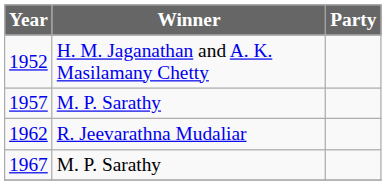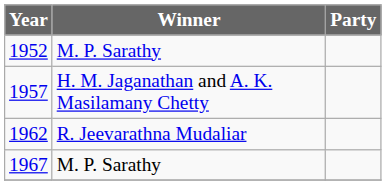 <table class="wikitable" width="50%">
 <tr>
 <th style="background-color:#666666; color:white">Year</th>
 <th style="background-color:#666666; color:white">Winner</th>
 <th style="background-color:#666666; color:white" colspan="2">Party</th>
 </tr>
 <tr>
 <td><a href='#'>1952</a></td>
-<td><a href='#'>H. M. Jaganathan</a> and <a href='#'>A. K. Masilamany Chetty</a></td>
+<td><a href='#'>M. P. Sarathy</a></td>
 <td></td>
 </tr>
 <tr>
 <td><a href='#'>1957</a></td>
-<td><a href='#'>M. P. Sarathy</a></td>
+<td><a href='#'>H. M. Jaganathan</a> and <a href='#'>A. K. Masilamany Chetty</a></td>
 <td></td>
 </tr>
 <tr>
 <td><a href='#'>1962</a></td>
 <td><a href='#'>R. Jeevarathna Mudaliar</a></td>
 <td></td>
 </tr>
 <tr>
 <td><a href='#'>1967</a></td>
 <td>M. P. Sarathy</td>
 <td></td>
 </tr>
 <tr>
 </tr>
 </table>
